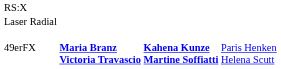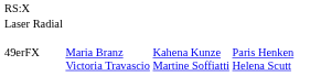 <table>
 <tr>
 <td>RS:X<br></td>
 <td></td>
 <td></td>
 <td></td>
 </tr>
 <tr>
 <td>Laser Radial<br></td>
 <td></td>
 <td></td>
 <td></td>
 </tr>
 <tr>
 <td>49erFX<br></td>
-<td><strong> <br><a href='#'>Maria Branz</a><br><a href='#'>Victoria Travascio</a></strong></td>
-<td><strong> <br><a href='#'>Kahena Kunze</a><br><a href='#'>Martine Soffiatti</a></strong></td>
+<td> <br><a href='#'>Maria Branz</a><br><a href='#'>Victoria Travascio</a></td>
+<td> <br><a href='#'>Kahena Kunze</a><br><a href='#'>Martine Soffiatti</a></td>
 <td> <br><a href='#'>Paris Henken</a><br><a href='#'>Helena Scutt</a></td>
 </tr>
 </table>
